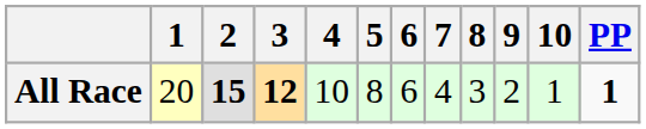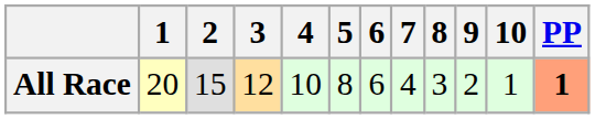 <table class="wikitable" style="font-size: 85%;">
 <tr>
 <th></th>
 <th>1</th>
 <th>2</th>
 <th>3</th>
 <th>4</th>
 <th>5</th>
 <th>6</th>
 <th>7</th>
 <th>8</th>
 <th>9</th>
 <th>10</th>
 <th><a href='#'>PP</a></th>
 </tr>
 <tr align="center">
 <th>All Race</th>
 <td style="background:#FFFFBF;">20</td>
-<td style="background:#DFDFDF;"><strong>15</strong></td>
-<td style="background:#FFDF9F;"><strong>12</strong></td>
+<td style="background:#DFDFDF;">15</td>
+<td style="background:#FFDF9F;">12</td>
 <td style="background:#DFFFDF;">10</td>
 <td style="background:#DFFFDF;">8</td>
 <td style="background:#DFFFDF;">6</td>
 <td style="background:#DFFFDF;">4</td>
 <td style="background:#DFFFDF;">3</td>
 <td style="background:#DFFFDF;">2</td>
 <td style="background:#DFFFDF;">1</td>
-<td><strong>1</strong></td>
+<td style="background: lightsalmon;"><strong>1</strong></td>
 </tr>
 </table>
